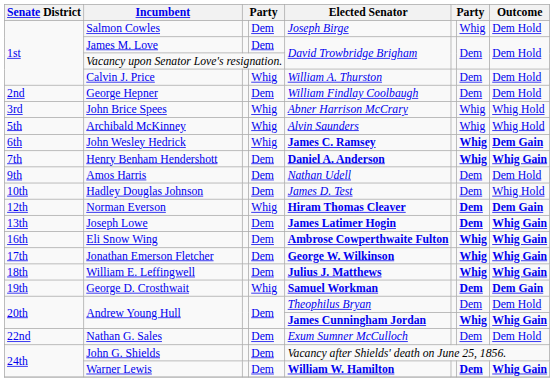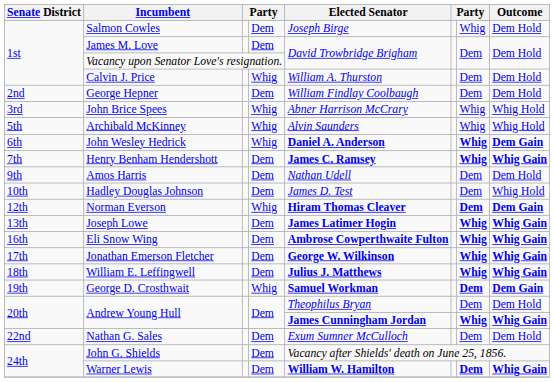 <table class="sortable wikitable" style="font-size:95%;line-height:14px;">
 <tr>
 <th class="sortable"><a href='#'>Senate</a> District</th>
 <th class="sortable"><a href='#'>Incumbent</a></th>
 <th colspan="2">Party</th>
 <th class="sortable">Elected Senator</th>
 <th colspan="2">Party</th>
 <th class="sortable">Outcome</th>
 </tr>
 <tr>
 <td rowspan="4"><a href='#'>1st</a></td>
 <td><a href='#'>Salmon Cowles</a></td>
 <td style="background:"></td>
 <td><a href='#'>Dem</a></td>
 <td><em><a href='#'>Joseph Birge</a></em></td>
 <td style="background:"></td>
 <td><a href='#'>Whig</a></td>
 <td><a href='#'>Dem Hold</a></td>
 </tr>
 <tr>
 <td><a href='#'>James M. Love</a></td>
 <td style="background:"></td>
 <td><a href='#'>Dem</a></td>
 <td rowspan="2"><em><a href='#'>David Trowbridge Brigham</a></em></td>
 <td rowspan="2" style="background:"></td>
 <td rowspan="2"><a href='#'>Dem</a></td>
 <td rowspan="2"><a href='#'>Dem Hold</a></td>
 </tr>
 <tr>
 <td colspan="3" ><em>Vacancy upon Senator Love's resignation.</em></td>
 </tr>
 <tr>
 <td><a href='#'>Calvin J. Price</a></td>
 <td style="background:"></td>
 <td><a href='#'>Whig</a></td>
 <td><em><a href='#'>William A. Thurston</a></em></td>
 <td style="background:"></td>
 <td><a href='#'>Dem</a></td>
 <td><a href='#'>Dem Hold</a></td>
 </tr>
 <tr>
 <td><a href='#'>2nd</a></td>
 <td><a href='#'>George Hepner</a></td>
 <td style="background:"></td>
 <td><a href='#'>Dem</a></td>
 <td><em><a href='#'>William Findlay Coolbaugh</a></em></td>
 <td style="background:"></td>
 <td><a href='#'>Dem</a></td>
 <td><a href='#'>Dem Hold</a></td>
 </tr>
 <tr>
 <td><a href='#'>3rd</a></td>
 <td><a href='#'>John Brice Spees</a></td>
 <td style="background:"></td>
 <td><a href='#'>Whig</a></td>
 <td><em><a href='#'>Abner Harrison McCrary</a></em></td>
 <td style="background:"></td>
 <td><a href='#'>Whig</a></td>
 <td><a href='#'>Whig Hold</a></td>
 </tr>
 <tr>
 <td><a href='#'>5th</a></td>
 <td><a href='#'>Archibald McKinney</a></td>
 <td style="background:"></td>
 <td><a href='#'>Whig</a></td>
 <td><em><a href='#'>Alvin Saunders</a></em></td>
 <td style="background:"></td>
 <td><a href='#'>Whig</a></td>
 <td><a href='#'>Whig Hold</a></td>
 </tr>
 <tr>
 <td><a href='#'>6th</a></td>
 <td><a href='#'>John Wesley Hedrick</a></td>
 <td style="background:"></td>
 <td><a href='#'>Whig</a></td>
-<td><strong><a href='#'>James C. Ramsey</a></strong></td>
+<td><strong><a href='#'>Daniel A. Anderson</a></strong></td>
 <td style="background:"></td>
 <td><strong><a href='#'>Whig</a></strong></td>
 <td><strong><a href='#'>Dem Gain</a></strong></td>
 </tr>
 <tr>
 <td><a href='#'>7th</a></td>
 <td><a href='#'>Henry Benham Hendershott</a></td>
 <td style="background:"></td>
 <td><a href='#'>Dem</a></td>
-<td><strong><a href='#'>Daniel A. Anderson</a></strong></td>
+<td><strong><a href='#'>James C. Ramsey</a></strong></td>
 <td style="background:"></td>
 <td><strong><a href='#'>Whig</a></strong></td>
 <td><strong><a href='#'>Whig Gain</a></strong></td>
 </tr>
 <tr>
 <td><a href='#'>9th</a></td>
 <td><a href='#'>Amos Harris</a></td>
 <td style="background:"></td>
 <td><a href='#'>Dem</a></td>
 <td><em><a href='#'>Nathan Udell</a></em></td>
 <td style="background:"></td>
 <td><a href='#'>Dem</a></td>
 <td><a href='#'>Dem Hold</a></td>
 </tr>
 <tr>
 <td><a href='#'>10th</a></td>
 <td><a href='#'>Hadley Douglas Johnson</a></td>
 <td style="background:"></td>
 <td><a href='#'>Dem</a></td>
 <td><em><a href='#'>James D. Test</a></em></td>
 <td style="background:"></td>
 <td><a href='#'>Dem</a></td>
 <td><a href='#'>Whig Hold</a></td>
 </tr>
 <tr>
 <td><a href='#'>12th</a></td>
 <td><a href='#'>Norman Everson</a></td>
 <td style="background:"></td>
 <td><a href='#'>Whig</a></td>
 <td><strong><a href='#'>Hiram Thomas Cleaver</a></strong></td>
 <td style="background:"></td>
 <td><strong><a href='#'>Dem</a></strong></td>
 <td><strong><a href='#'>Dem Gain</a></strong></td>
 </tr>
 <tr>
 <td><a href='#'>13th</a></td>
 <td><a href='#'>Joseph Lowe</a></td>
 <td style="background:"></td>
 <td><a href='#'>Dem</a></td>
 <td><strong><a href='#'>James Latimer Hogin</a></strong></td>
 <td style="background:"></td>
-<td><strong><a href='#'>Dem</a></strong></td>
+<td><strong><a href='#'>Whig</a></strong></td>
 <td><strong><a href='#'>Whig Gain</a></strong></td>
 </tr>
 <tr>
 <td><a href='#'>16th</a></td>
 <td><a href='#'>Eli Snow Wing</a></td>
 <td style="background:"></td>
 <td><a href='#'>Dem</a></td>
 <td><strong><a href='#'>Ambrose Cowperthwaite Fulton</a></strong></td>
 <td style="background:"></td>
 <td><strong><a href='#'>Whig</a></strong></td>
 <td><strong><a href='#'>Whig Gain</a></strong></td>
 </tr>
 <tr>
 <td><a href='#'>17th</a></td>
 <td><a href='#'>Jonathan Emerson Fletcher</a></td>
 <td style="background:"></td>
 <td><a href='#'>Dem</a></td>
 <td><strong><a href='#'>George W. Wilkinson</a></strong></td>
 <td style="background:"></td>
 <td><strong><a href='#'>Whig</a></strong></td>
 <td><strong><a href='#'>Whig Gain</a></strong></td>
 </tr>
 <tr>
 <td><a href='#'>18th</a></td>
 <td><a href='#'>William E. Leffingwell</a></td>
 <td style="background:"></td>
 <td><a href='#'>Dem</a></td>
 <td><strong><a href='#'>Julius J. Matthews</a></strong></td>
 <td style="background:"></td>
 <td><strong><a href='#'>Whig</a></strong></td>
 <td><strong><a href='#'>Whig Gain</a></strong></td>
 </tr>
 <tr>
 <td><a href='#'>19th</a></td>
 <td><a href='#'>George D. Crosthwait</a></td>
 <td style="background:"></td>
 <td><a href='#'>Whig</a></td>
 <td><strong><a href='#'>Samuel Workman</a></strong></td>
 <td style="background:"></td>
 <td><strong><a href='#'>Dem</a></strong></td>
 <td><strong><a href='#'>Dem Gain</a></strong></td>
 </tr>
 <tr>
 <td rowspan="2"><a href='#'>20th</a></td>
 <td rowspan="2"><a href='#'>Andrew Young Hull</a></td>
 <td rowspan="2" style="background:"></td>
 <td rowspan="2"><a href='#'>Dem</a></td>
 <td><em><a href='#'>Theophilus Bryan</a></em></td>
 <td style="background:"></td>
 <td><a href='#'>Dem</a></td>
 <td><a href='#'>Dem Hold</a></td>
 </tr>
 <tr>
 <td><strong><a href='#'>James Cunningham Jordan</a></strong></td>
 <td style="background:"></td>
 <td><strong><a href='#'>Whig</a></strong></td>
 <td><strong><a href='#'>Whig Gain</a></strong></td>
 </tr>
 <tr>
 <td><a href='#'>22nd</a></td>
 <td><a href='#'>Nathan G. Sales</a></td>
 <td style="background:"></td>
 <td><a href='#'>Dem</a></td>
 <td><em><a href='#'>Exum Sumner McCulloch</a></em></td>
 <td style="background:"></td>
 <td><a href='#'>Dem</a></td>
 <td><a href='#'>Dem Hold</a></td>
 </tr>
 <tr>
 <td rowspan="2"><a href='#'>24th</a></td>
 <td><a href='#'>John G. Shields</a></td>
 <td style="background:"></td>
 <td><a href='#'>Dem</a></td>
 <td colspan="4" ><em>Vacancy after Shields' death on June 25, 1856.</em></td>
 </tr>
 <tr>
 <td><a href='#'>Warner Lewis</a></td>
 <td style="background:"></td>
 <td><a href='#'>Dem</a></td>
 <td><strong><a href='#'>William W. Hamilton</a></strong></td>
 <td style="background:"></td>
 <td><strong><a href='#'>Dem</a></strong></td>
 <td><strong><a href='#'>Whig Gain</a></strong></td>
 </tr>
 <tr>
 </tr>
 </table>
